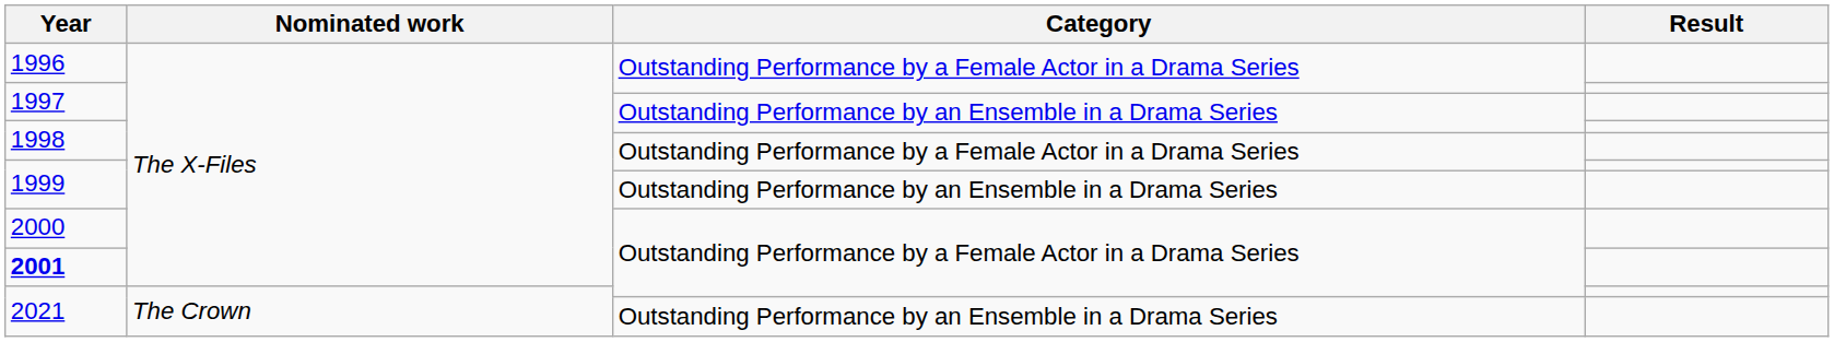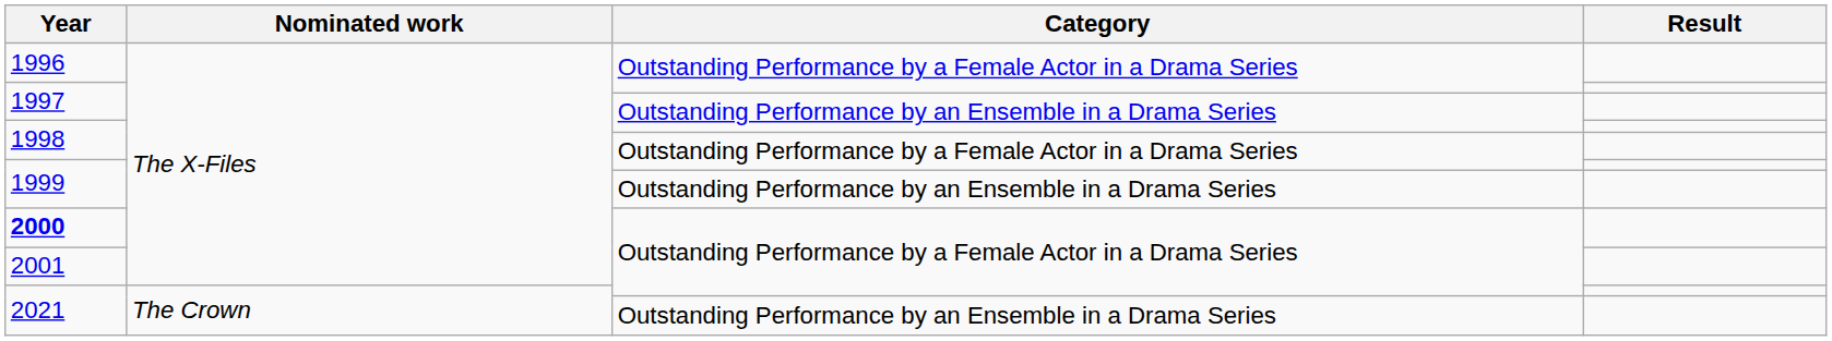 <table style="width:95%;" class="wikitable sortable">
 <tr>
 <th style="width:5%;">Year</th>
 <th style="width:20%;">Nominated work</th>
 <th style="width:40%;">Category</th>
 <th style="width:10%;">Result</th>
 </tr>
 <tr>
 <td><a href='#'>1996</a></td>
 <td rowspan="9"><em>The X-Files</em></td>
 <td rowspan="2"><a href='#'>Outstanding Performance by a Female Actor in a Drama Series</a></td>
 <td></td>
 </tr>
 <tr>
 <td rowspan="2"><a href='#'>1997</a></td>
 <td></td>
 </tr>
 <tr>
 <td rowspan="2"><a href='#'>Outstanding Performance by an Ensemble in a Drama Series</a></td>
 <td></td>
 </tr>
 <tr>
 <td rowspan="2"><a href='#'>1998</a></td>
 <td></td>
 </tr>
 <tr>
 <td rowspan="2">Outstanding Performance by a Female Actor in a Drama Series</td>
 <td></td>
 </tr>
 <tr>
 <td rowspan="2"><a href='#'>1999</a></td>
 <td></td>
 </tr>
 <tr>
 <td>Outstanding Performance by an Ensemble in a Drama Series</td>
 <td></td>
 </tr>
 <tr>
-<td><a href='#'>2000</a></td>
+<td><strong><a href='#'>2000</a></strong></td>
 <td rowspan="3">Outstanding Performance by a Female Actor in a Drama Series</td>
 <td></td>
 </tr>
 <tr>
-<td><strong><a href='#'>2001</a></strong></td>
+<td><a href='#'>2001</a></td>
 <td></td>
 </tr>
 <tr>
 <td rowspan="2"><a href='#'>2021</a></td>
 <td rowspan="2"><em>The Crown</em></td>
 <td></td>
 </tr>
 <tr>
 <td>Outstanding Performance by an Ensemble in a Drama Series</td>
 <td></td>
 </tr>
 </table>
